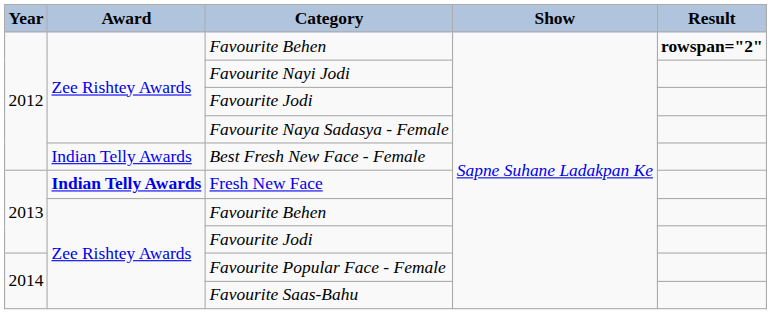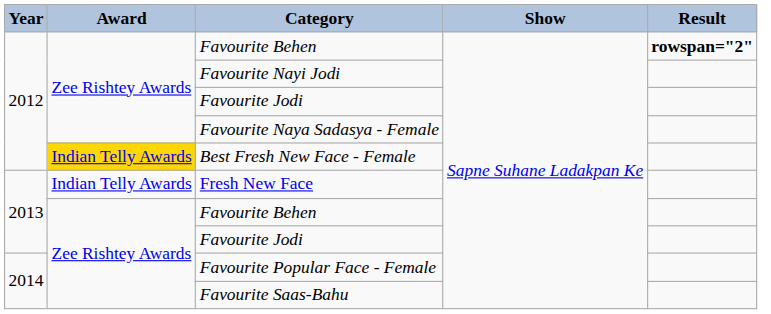 <table class="wikitable sortable">
 <tr>
 <th style="background:#B0C4DE;">Year</th>
 <th style="background:#B0C4DE;">Award</th>
 <th style="background:#B0C4DE;">Category</th>
 <th style="background:#B0C4DE;">Show</th>
 <th style="background:#B0C4DE;">Result</th>
 </tr>
 <tr>
 <td rowspan="5">2012</td>
 <td rowspan="4"><a href='#'>Zee Rishtey Awards</a></td>
 <td><em>Favourite Behen</em></td>
 <td rowspan="10"><em><a href='#'>Sapne Suhane Ladakpan Ke</a></em></td>
 <td><strong>rowspan="2" </strong></td>
 </tr>
 <tr>
 <td><em>Favourite Nayi Jodi</em></td>
 </tr>
 <tr>
 <td><em>Favourite Jodi</em></td>
 <td></td>
 </tr>
 <tr>
 <td><em>Favourite Naya Sadasya - Female</em></td>
 <td></td>
 </tr>
 <tr>
-<td><a href='#'>Indian Telly Awards</a></td>
+<td style="background: gold;"><a href='#'>Indian Telly Awards</a></td>
 <td><em>Best Fresh New Face - Female</em></td>
 <td></td>
 </tr>
 <tr>
 <td rowspan="3">2013</td>
-<td><strong><a href='#'>Indian Telly Awards</a></strong></td>
+<td><a href='#'>Indian Telly Awards</a></td>
 <td><a href='#'>Fresh New Face</a></td>
 <td></td>
 </tr>
 <tr>
 <td rowspan="4"><a href='#'>Zee Rishtey Awards</a></td>
 <td><em>Favourite Behen</em></td>
 <td></td>
 </tr>
 <tr>
 <td><em>Favourite Jodi</em></td>
 <td></td>
 </tr>
 <tr>
 <td rowspan="2">2014</td>
 <td><em>Favourite Popular Face - Female</em></td>
 <td></td>
 </tr>
 <tr>
 <td><em>Favourite Saas-Bahu</em></td>
 <td></td>
 </tr>
 </table>
